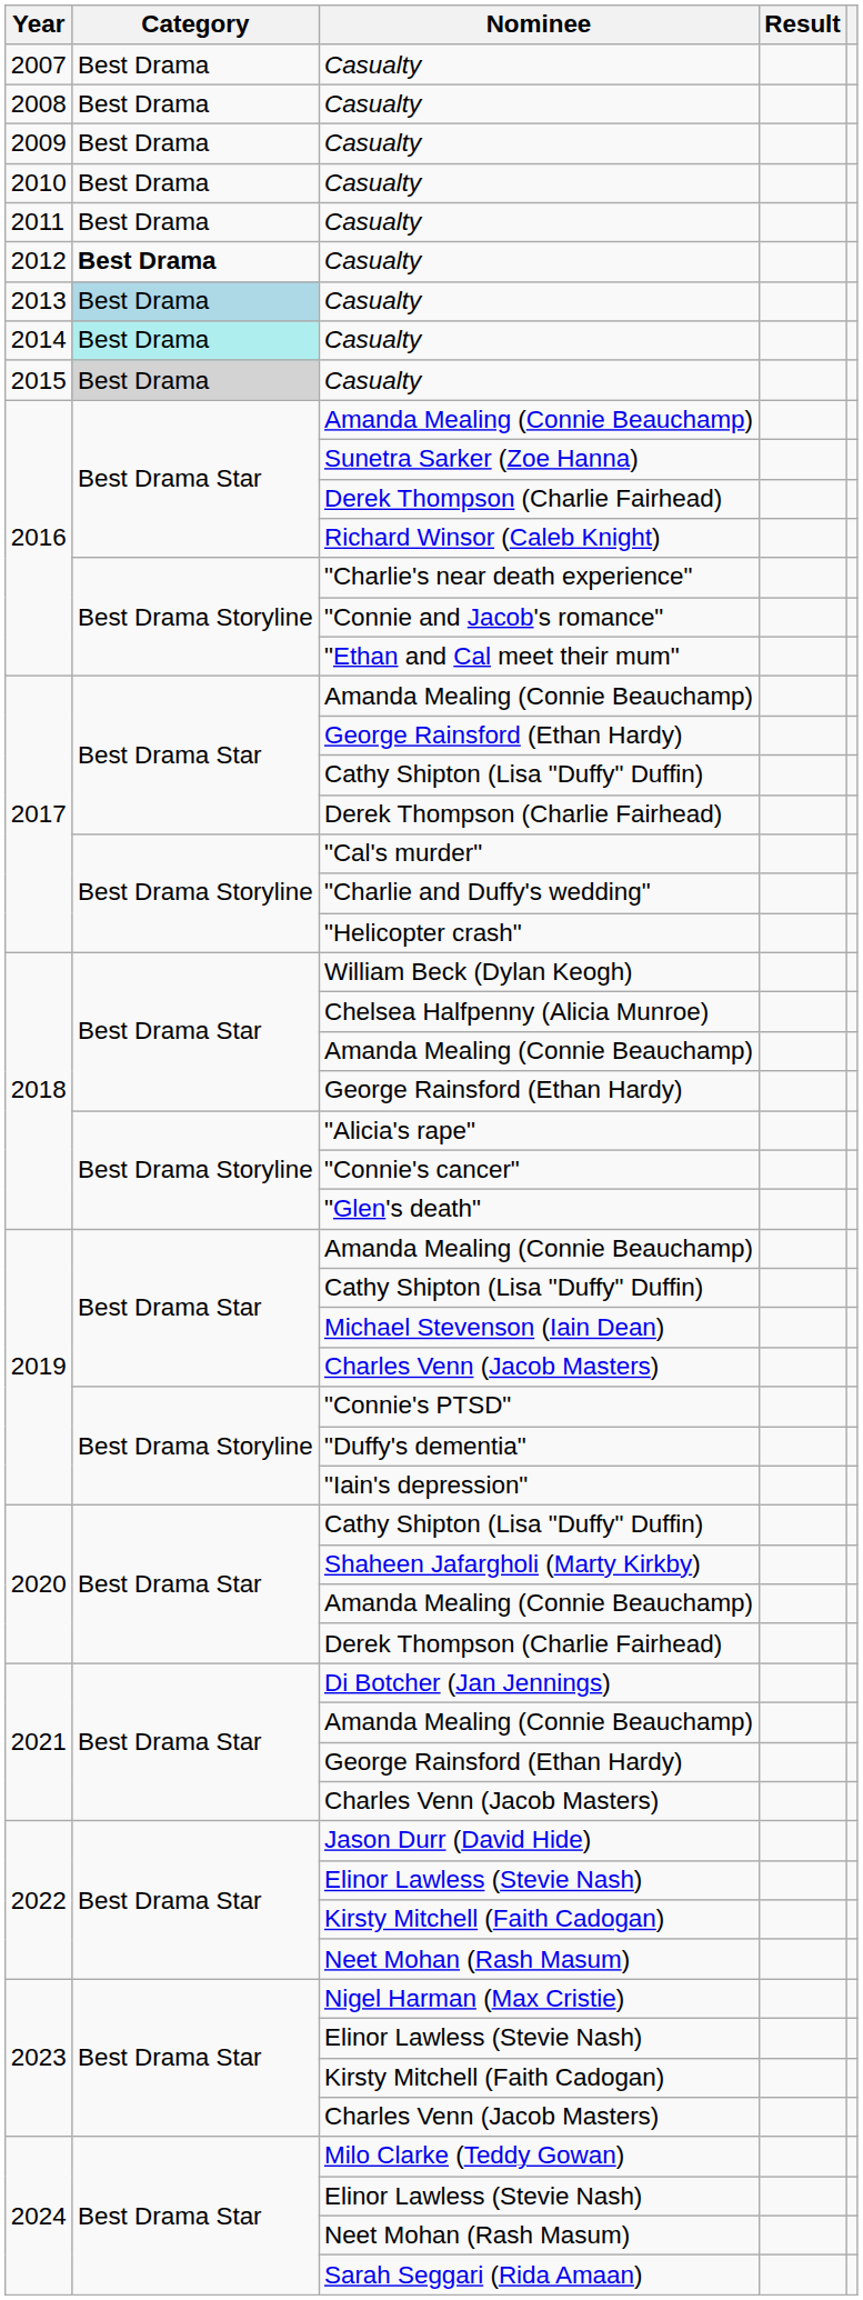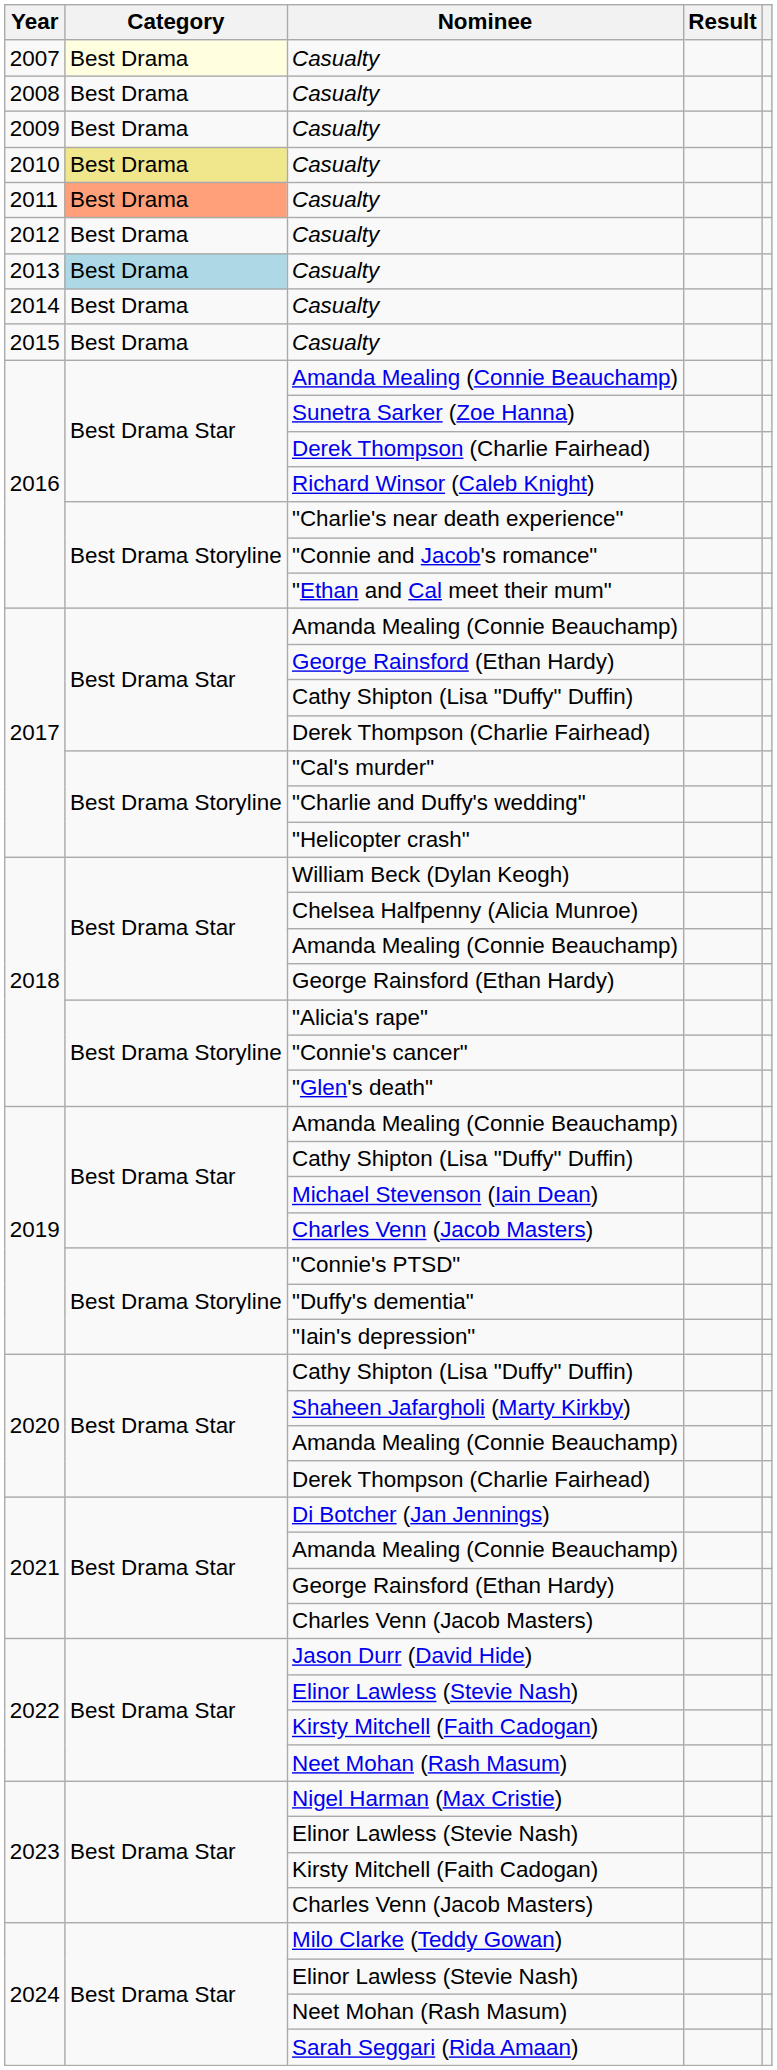 <table class="wikitable">
 <tr>
 <th>Year</th>
 <th>Category</th>
 <th>Nominee</th>
 <th>Result</th>
 <th></th>
 </tr>
 <tr>
 <td>2007</td>
-<td>Best Drama</td>
+<td style="background: lightyellow;">Best Drama</td>
 <td><em>Casualty</em></td>
 <td></td>
 <td align="center"></td>
 </tr>
 <tr>
 <td>2008</td>
 <td>Best Drama</td>
 <td><em>Casualty</em></td>
 <td></td>
 <td align="center"></td>
 </tr>
 <tr>
 <td>2009</td>
 <td>Best Drama</td>
 <td><em>Casualty</em></td>
 <td></td>
 <td align="center"></td>
 </tr>
 <tr>
 <td>2010</td>
-<td>Best Drama</td>
+<td style="background: khaki;">Best Drama</td>
 <td><em>Casualty</em></td>
 <td></td>
 <td align="center"></td>
 </tr>
 <tr>
 <td>2011</td>
-<td>Best Drama</td>
+<td style="background: lightsalmon;">Best Drama</td>
 <td><em>Casualty</em></td>
 <td></td>
 <td align="center"></td>
 </tr>
 <tr>
 <td>2012</td>
-<td><strong>Best Drama</strong></td>
+<td>Best Drama</td>
 <td><em>Casualty</em></td>
 <td></td>
 <td align="center"></td>
 </tr>
 <tr>
 <td>2013</td>
 <td style="background: lightblue;">Best Drama</td>
 <td><em>Casualty</em></td>
 <td></td>
 <td align="center"></td>
 </tr>
 <tr>
 <td>2014</td>
-<td style="background: paleturquoise;">Best Drama</td>
+<td>Best Drama</td>
 <td><em>Casualty</em></td>
 <td></td>
 <td align="center"></td>
 </tr>
 <tr>
 <td>2015</td>
-<td style="background: lightgrey;">Best Drama</td>
+<td>Best Drama</td>
 <td><em>Casualty</em></td>
 <td></td>
 <td align="center"></td>
 </tr>
 <tr>
 <td rowspan="7">2016</td>
 <td rowspan="4">Best Drama Star</td>
 <td><a href='#'>Amanda Mealing</a> (<a href='#'>Connie Beauchamp</a>)</td>
 <td></td>
 <td align="center"></td>
 </tr>
 <tr>
 <td><a href='#'>Sunetra Sarker</a> (<a href='#'>Zoe Hanna</a>)</td>
 <td></td>
 <td align="center"></td>
 </tr>
 <tr>
 <td><a href='#'>Derek Thompson</a> (Charlie Fairhead)</td>
 <td></td>
 <td align="center"></td>
 </tr>
 <tr>
 <td><a href='#'>Richard Winsor</a> (<a href='#'>Caleb Knight</a>)</td>
 <td></td>
 <td align="center"></td>
 </tr>
 <tr>
 <td rowspan="3">Best Drama Storyline</td>
 <td>"Charlie's near death experience"</td>
 <td></td>
 <td align="center"></td>
 </tr>
 <tr>
 <td>"Connie and <a href='#'>Jacob</a>'s romance"</td>
 <td></td>
 <td align="center"></td>
 </tr>
 <tr>
 <td>"<a href='#'>Ethan</a> and <a href='#'>Cal</a> meet their mum"</td>
 <td></td>
 <td align="center"></td>
 </tr>
 <tr>
 <td rowspan="7">2017</td>
 <td rowspan="4">Best Drama Star</td>
 <td>Amanda Mealing (Connie Beauchamp)</td>
 <td></td>
 <td align="center"></td>
 </tr>
 <tr>
 <td><a href='#'>George Rainsford</a> (Ethan Hardy)</td>
 <td></td>
 <td align="center"></td>
 </tr>
 <tr>
 <td>Cathy Shipton (Lisa "Duffy" Duffin)</td>
 <td></td>
 <td align="center"></td>
 </tr>
 <tr>
 <td>Derek Thompson (Charlie Fairhead)</td>
 <td></td>
 <td align="center"></td>
 </tr>
 <tr>
 <td rowspan="3">Best Drama Storyline</td>
 <td>"Cal's murder"</td>
 <td></td>
 <td align="center"></td>
 </tr>
 <tr>
 <td>"Charlie and Duffy's wedding"</td>
 <td></td>
 <td align="center"></td>
 </tr>
 <tr>
 <td>"Helicopter crash"</td>
 <td></td>
 <td align="center"></td>
 </tr>
 <tr>
 <td rowspan="7">2018</td>
 <td rowspan="4">Best Drama Star</td>
 <td>William Beck (Dylan Keogh)</td>
 <td></td>
 <td align="center"></td>
 </tr>
 <tr>
 <td>Chelsea Halfpenny (Alicia Munroe)</td>
 <td></td>
 <td align="center"></td>
 </tr>
 <tr>
 <td>Amanda Mealing (Connie Beauchamp)</td>
 <td></td>
 <td align="center"></td>
 </tr>
 <tr>
 <td>George Rainsford (Ethan Hardy)</td>
 <td></td>
 <td align="center"></td>
 </tr>
 <tr>
 <td rowspan="3">Best Drama Storyline</td>
 <td>"Alicia's rape"</td>
 <td></td>
 <td align="center"></td>
 </tr>
 <tr>
 <td>"Connie's cancer"</td>
 <td></td>
 <td align="center"></td>
 </tr>
 <tr>
 <td>"<a href='#'>Glen</a>'s death"</td>
 <td></td>
 <td align="center"></td>
 </tr>
 <tr>
 <td rowspan="7">2019</td>
 <td rowspan="4">Best Drama Star</td>
 <td>Amanda Mealing (Connie Beauchamp)</td>
 <td></td>
 <td align="center"></td>
 </tr>
 <tr>
 <td>Cathy Shipton (Lisa "Duffy" Duffin)</td>
 <td></td>
 <td align="center"></td>
 </tr>
 <tr>
 <td><a href='#'>Michael Stevenson</a> (<a href='#'>Iain Dean</a>)</td>
 <td></td>
 <td align="center"></td>
 </tr>
 <tr>
 <td><a href='#'>Charles Venn</a> (<a href='#'>Jacob Masters</a>)</td>
 <td></td>
 <td align="center"></td>
 </tr>
 <tr>
 <td rowspan="3">Best Drama Storyline</td>
 <td>"Connie's PTSD"</td>
 <td></td>
 <td align="center"></td>
 </tr>
 <tr>
 <td>"Duffy's dementia"</td>
 <td></td>
 <td align="center"></td>
 </tr>
 <tr>
 <td>"Iain's depression"</td>
 <td></td>
 <td align="center"></td>
 </tr>
 <tr>
 <td rowspan="4">2020</td>
 <td rowspan="4">Best Drama Star</td>
 <td>Cathy Shipton (Lisa "Duffy" Duffin)</td>
 <td></td>
 <td align="center"></td>
 </tr>
 <tr>
 <td><a href='#'>Shaheen Jafargholi</a> (<a href='#'>Marty Kirkby</a>)</td>
 <td></td>
 <td align="center"></td>
 </tr>
 <tr>
 <td>Amanda Mealing (Connie Beauchamp)</td>
 <td></td>
 <td align="center"></td>
 </tr>
 <tr>
 <td>Derek Thompson (Charlie Fairhead)</td>
 <td></td>
 <td align="center"></td>
 </tr>
 <tr>
 <td rowspan="4">2021</td>
 <td rowspan="4">Best Drama Star</td>
 <td><a href='#'>Di Botcher</a> (<a href='#'>Jan Jennings</a>)</td>
 <td></td>
 <td align="center"></td>
 </tr>
 <tr>
 <td>Amanda Mealing (Connie Beauchamp)</td>
 <td></td>
 <td align="center"></td>
 </tr>
 <tr>
 <td>George Rainsford (Ethan Hardy)</td>
 <td></td>
 <td align="center"></td>
 </tr>
 <tr>
 <td>Charles Venn (Jacob Masters)</td>
 <td></td>
 <td align="center"></td>
 </tr>
 <tr>
 <td rowspan="4">2022</td>
 <td rowspan="4">Best Drama Star</td>
 <td><a href='#'>Jason Durr</a> (<a href='#'>David Hide</a>)</td>
 <td></td>
 <td align="center"></td>
 </tr>
 <tr>
 <td><a href='#'>Elinor Lawless</a> (<a href='#'>Stevie Nash</a>)</td>
 <td></td>
 <td align="center"></td>
 </tr>
 <tr>
 <td><a href='#'>Kirsty Mitchell</a> (<a href='#'>Faith Cadogan</a>)</td>
 <td></td>
 <td align="center"></td>
 </tr>
 <tr>
 <td><a href='#'>Neet Mohan</a> (<a href='#'>Rash Masum</a>)</td>
 <td></td>
 <td align="center"></td>
 </tr>
 <tr>
 <td rowspan="4">2023</td>
 <td rowspan="4">Best Drama Star</td>
 <td><a href='#'>Nigel Harman</a> (<a href='#'>Max Cristie</a>)</td>
 <td></td>
 <td align="center"></td>
 </tr>
 <tr>
 <td>Elinor Lawless (Stevie Nash)</td>
 <td></td>
 <td align="center"></td>
 </tr>
 <tr>
 <td>Kirsty Mitchell (Faith Cadogan)</td>
 <td></td>
 <td align="center"></td>
 </tr>
 <tr>
 <td>Charles Venn (Jacob Masters)</td>
 <td></td>
 <td align="center"></td>
 </tr>
 <tr>
 <td rowspan="4">2024</td>
 <td rowspan="4">Best Drama Star</td>
 <td><a href='#'>Milo Clarke</a> (<a href='#'>Teddy Gowan</a>)</td>
 <td></td>
 <td align="center"></td>
 </tr>
 <tr>
 <td>Elinor Lawless (Stevie Nash)</td>
 <td></td>
 <td align="center"></td>
 </tr>
 <tr>
 <td>Neet Mohan (Rash Masum)</td>
 <td></td>
 <td align="center"></td>
 </tr>
 <tr>
 <td><a href='#'>Sarah Seggari</a> (<a href='#'>Rida Amaan</a>)</td>
 <td></td>
 <td align="center"></td>
 </tr>
 </table>
